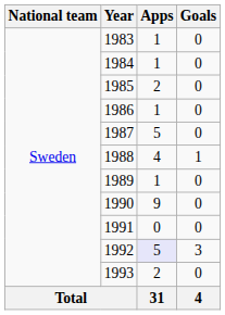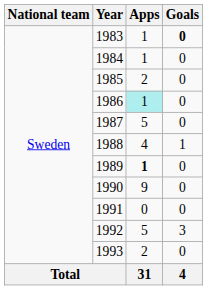 <table class="wikitable" style="text-align:center">
 <tr>
 <th>National team</th>
 <th>Year</th>
 <th>Apps</th>
 <th>Goals</th>
 </tr>
 <tr>
 <td rowspan="11"><a href='#'>Sweden</a></td>
 <td>1983</td>
 <td>1</td>
-<td>0</td>
+<td><strong>0</strong></td>
 </tr>
 <tr>
 <td>1984</td>
 <td>1</td>
 <td>0</td>
 </tr>
 <tr>
 <td>1985</td>
 <td>2</td>
 <td>0</td>
 </tr>
 <tr>
 <td>1986</td>
-<td>1</td>
+<td style="background: paleturquoise;">1</td>
 <td>0</td>
 </tr>
 <tr>
 <td>1987</td>
 <td>5</td>
 <td>0</td>
 </tr>
 <tr>
 <td>1988</td>
 <td>4</td>
 <td>1</td>
 </tr>
 <tr>
 <td>1989</td>
-<td>1</td>
+<td><strong>1</strong></td>
 <td>0</td>
 </tr>
 <tr>
 <td>1990</td>
 <td>9</td>
 <td>0</td>
 </tr>
 <tr>
 <td>1991</td>
 <td>0</td>
 <td>0</td>
 </tr>
 <tr>
 <td>1992</td>
-<td style="background: lavender;">5</td>
+<td>5</td>
 <td>3</td>
 </tr>
 <tr>
 <td>1993</td>
 <td>2</td>
 <td>0</td>
 </tr>
 <tr>
 <th colspan="2">Total</th>
 <th>31</th>
 <th>4</th>
 </tr>
 </table>
